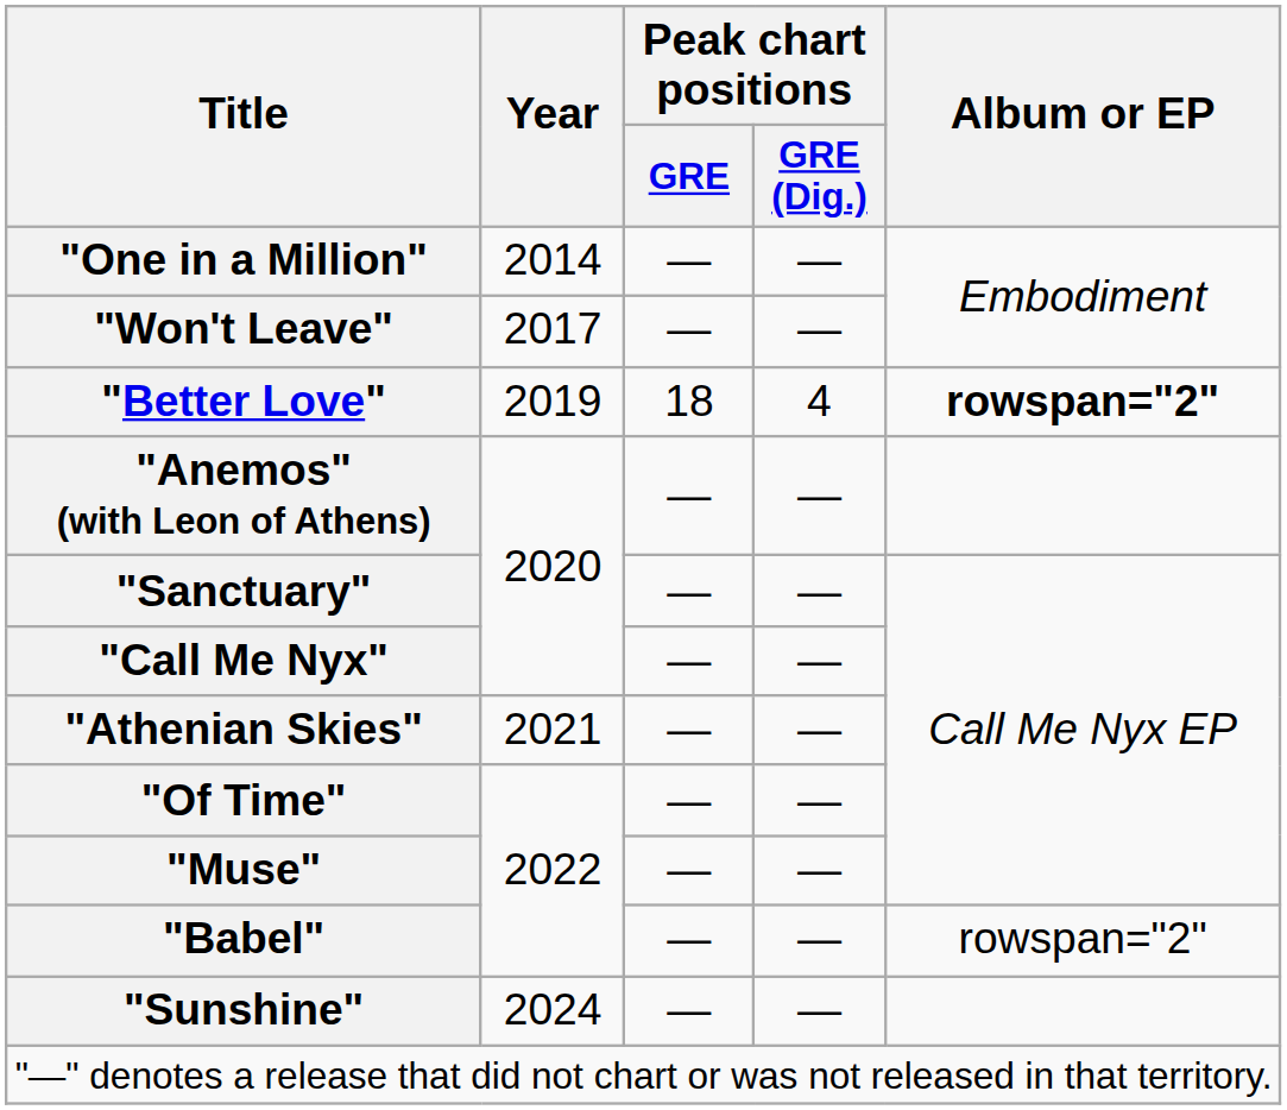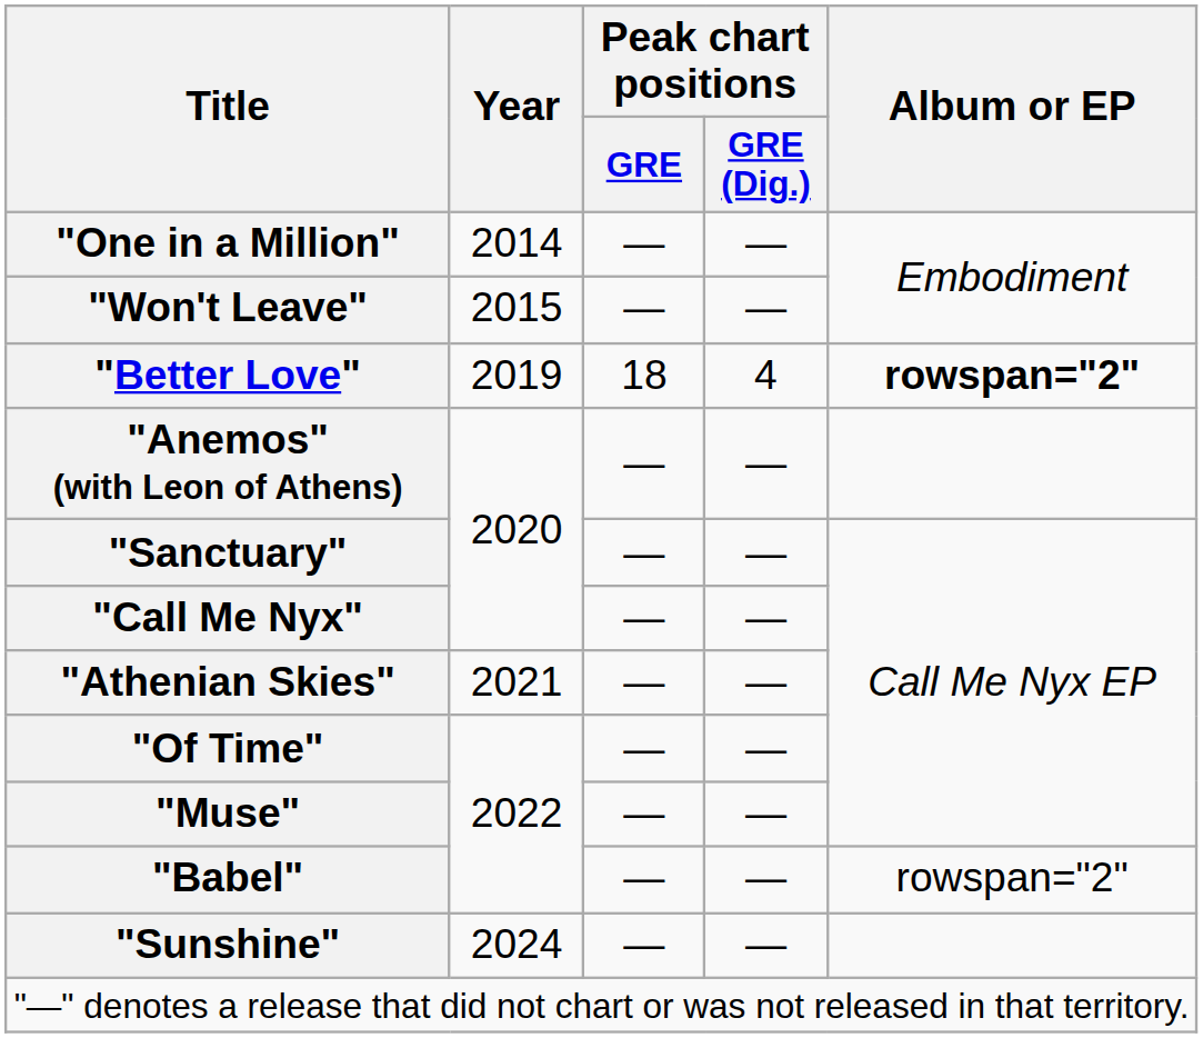 <table class="wikitable plainrowheaders" style="text-align:center;">
 <tr>
 <th scope="col" rowspan="2">Title</th>
 <th scope="col" rowspan="2">Year</th>
 <th scope="col" colspan="2">Peak chart positions</th>
 <th scope="col" rowspan="2">Album or EP</th>
 </tr>
 <tr>
 <th scope="col" style="width:3em;font-size:85%;"><a href='#'>GRE</a><br></th>
 <th scope="col" style="width:3em;font-size:85%;"><a href='#'>GRE (Dig.)</a><br></th>
 </tr>
 <tr>
 <th scope="row">"One in a Million"</th>
 <td>2014</td>
 <td>—</td>
 <td>—</td>
 <td rowspan="2"><em>Embodiment</em></td>
 </tr>
 <tr>
 <th scope="row">"Won't Leave"</th>
-<td>2017</td>
+<td>2015</td>
 <td>—</td>
 <td>—</td>
 </tr>
 <tr>
 <th scope="row">"<a href='#'>Better Love</a>"</th>
 <td>2019</td>
 <td>18</td>
 <td>4</td>
 <td><strong>rowspan="2" </strong></td>
 </tr>
 <tr>
 <th scope="row">"Anemos"<br><small>(with Leon of Athens)</small></th>
 <td rowspan="3">2020</td>
 <td>—</td>
 <td>—</td>
 </tr>
 <tr>
 <th scope="row">"Sanctuary"</th>
 <td>—</td>
 <td>—</td>
 <td rowspan="5"><em>Call Me Nyx EP</em></td>
 </tr>
 <tr>
 <th scope="row">"Call Me Nyx"</th>
 <td>—</td>
 <td>—</td>
 </tr>
 <tr>
 <th scope="row">"Athenian Skies"</th>
 <td>2021</td>
 <td>—</td>
 <td>—</td>
 </tr>
 <tr>
 <th scope="row">"Of Time"</th>
 <td rowspan="3">2022</td>
 <td>—</td>
 <td>—</td>
 </tr>
 <tr>
 <th scope="row">"Muse"</th>
 <td>—</td>
 <td>—</td>
 </tr>
 <tr>
 <th scope="row">"Babel"</th>
 <td>—</td>
 <td>—</td>
 <td>rowspan="2" </td>
 </tr>
 <tr>
 <th scope="row">"Sunshine"</th>
 <td>2024</td>
 <td>—</td>
 <td>—</td>
 </tr>
 <tr>
 <td colspan="10" style="font-size:85%">"—" denotes a release that did not chart or was not released in that territory.</td>
 </tr>
 </table>
